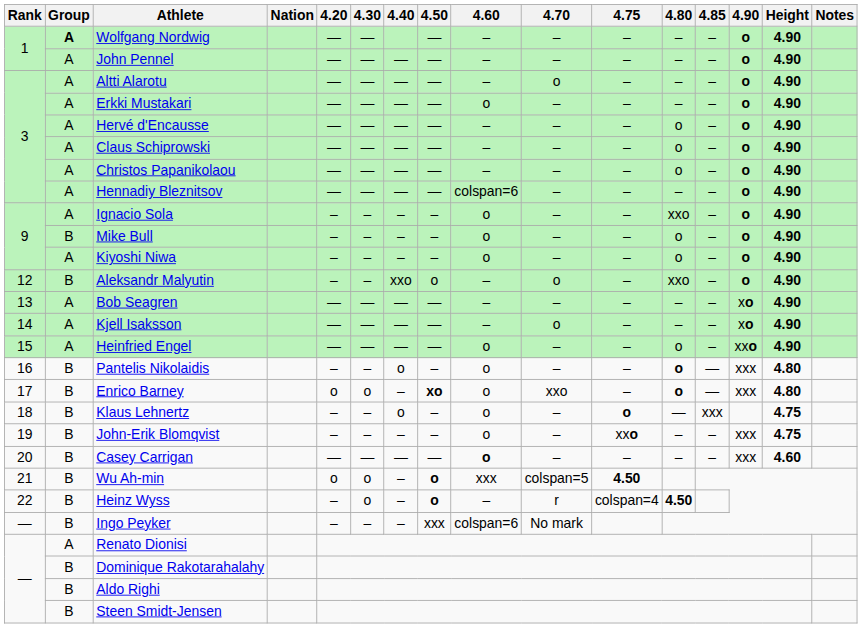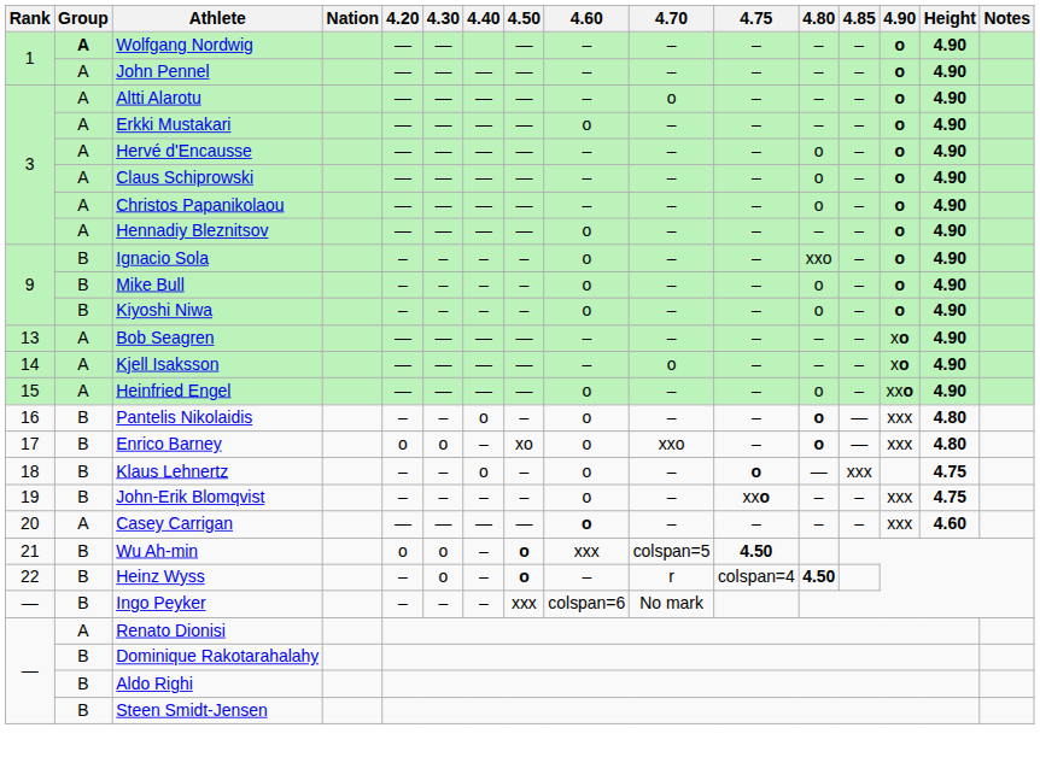 <table class="wikitable sortable" style="text-align:center;">
 <tr>
 <th>Rank</th>
 <th>Group</th>
 <th>Athlete</th>
 <th>Nation</th>
 <th>4.20</th>
 <th>4.30</th>
 <th>4.40</th>
 <th>4.50</th>
 <th>4.60</th>
 <th>4.70</th>
 <th>4.75</th>
 <th>4.80</th>
 <th>4.85</th>
 <th>4.90</th>
 <th>Height</th>
 <th>Notes</th>
 </tr>
 <tr bgcolor=bbf3bb>
 <td rowspan=2>1</td>
 <td><strong>A</strong></td>
 <td align=left><a href='#'>Wolfgang Nordwig</a></td>
 <td align=left></td>
 <td>—</td>
 <td>—</td>
 <td></td>
 <td>—</td>
 <td>–</td>
 <td>–</td>
 <td>–</td>
 <td>–</td>
 <td>–</td>
 <td><strong>o</strong></td>
 <td><strong>4.90</strong></td>
 <td></td>
 </tr>
 <tr bgcolor=bbf3bb>
 <td>A</td>
 <td align=left><a href='#'>John Pennel</a></td>
 <td align=left></td>
 <td>—</td>
 <td>—</td>
 <td>—</td>
 <td>—</td>
 <td>–</td>
 <td>–</td>
 <td>–</td>
 <td>–</td>
 <td>–</td>
 <td><strong>o</strong></td>
 <td><strong>4.90</strong></td>
 <td></td>
 </tr>
 <tr bgcolor=bbf3bb>
 <td rowspan=6>3</td>
 <td>A</td>
 <td align=left><a href='#'>Altti Alarotu</a></td>
 <td align=left></td>
 <td>—</td>
 <td>—</td>
 <td>—</td>
 <td>—</td>
 <td>–</td>
 <td>o</td>
 <td>–</td>
 <td>–</td>
 <td>–</td>
 <td><strong>o</strong></td>
 <td><strong>4.90</strong></td>
 <td></td>
 </tr>
 <tr bgcolor=bbf3bb>
 <td>A</td>
 <td align=left><a href='#'>Erkki Mustakari</a></td>
 <td align=left></td>
 <td>—</td>
 <td>—</td>
 <td>—</td>
 <td>—</td>
 <td>o</td>
 <td>–</td>
 <td>–</td>
 <td>–</td>
 <td>–</td>
 <td><strong>o</strong></td>
 <td><strong>4.90</strong></td>
 <td></td>
 </tr>
 <tr bgcolor=bbf3bb>
 <td>A</td>
 <td align=left><a href='#'>Hervé d'Encausse</a></td>
 <td align=left></td>
 <td>—</td>
 <td>—</td>
 <td>—</td>
 <td>—</td>
 <td>–</td>
 <td>–</td>
 <td>–</td>
 <td>o</td>
 <td>–</td>
 <td><strong>o</strong></td>
 <td><strong>4.90</strong></td>
 <td></td>
 </tr>
 <tr bgcolor=bbf3bb>
 <td>A</td>
 <td align=left><a href='#'>Claus Schiprowski</a></td>
 <td align=left></td>
 <td>—</td>
 <td>—</td>
 <td>—</td>
 <td>—</td>
 <td>–</td>
 <td>–</td>
 <td>–</td>
 <td>o</td>
 <td>–</td>
 <td><strong>o</strong></td>
 <td><strong>4.90</strong></td>
 <td></td>
 </tr>
 <tr bgcolor=bbf3bb>
 <td>A</td>
 <td align=left><a href='#'>Christos Papanikolaou</a></td>
 <td align=left></td>
 <td>—</td>
 <td>—</td>
 <td>—</td>
 <td>—</td>
 <td>–</td>
 <td>–</td>
 <td>–</td>
 <td>o</td>
 <td>–</td>
 <td><strong>o</strong></td>
 <td><strong>4.90</strong></td>
 <td></td>
 </tr>
 <tr bgcolor=bbf3bb>
 <td>A</td>
 <td align=left><a href='#'>Hennadiy Bleznitsov</a></td>
 <td align=left></td>
 <td>—</td>
 <td>—</td>
 <td>—</td>
 <td>—</td>
-<td>colspan=6 </td>
+<td>o</td>
 <td>–</td>
 <td>–</td>
 <td>–</td>
 <td>–</td>
 <td><strong>o</strong></td>
 <td><strong>4.90</strong></td>
 <td></td>
 </tr>
 <tr bgcolor=bbf3bb>
 <td rowspan=3>9</td>
-<td>A</td>
+<td>B</td>
 <td align=left><a href='#'>Ignacio Sola</a></td>
 <td align=left></td>
 <td>–</td>
 <td>–</td>
 <td>–</td>
 <td>–</td>
 <td>o</td>
 <td>–</td>
 <td>–</td>
 <td>xxo</td>
 <td>–</td>
 <td><strong>o</strong></td>
 <td><strong>4.90</strong></td>
 <td></td>
 </tr>
 <tr bgcolor=bbf3bb>
 <td>B</td>
 <td align=left><a href='#'>Mike Bull</a></td>
 <td align=left></td>
 <td>–</td>
 <td>–</td>
 <td>–</td>
 <td>–</td>
 <td>o</td>
 <td>–</td>
 <td>–</td>
 <td>o</td>
 <td>–</td>
 <td><strong>o</strong></td>
 <td><strong>4.90</strong></td>
 <td></td>
 </tr>
 <tr bgcolor=bbf3bb>
-<td>A</td>
+<td>B</td>
 <td align=left><a href='#'>Kiyoshi Niwa</a></td>
 <td align=left></td>
 <td>–</td>
 <td>–</td>
 <td>–</td>
 <td>–</td>
 <td>o</td>
 <td>–</td>
 <td>–</td>
 <td>o</td>
-<td>–</td>
-<td><strong>o</strong></td>
-<td><strong>4.90</strong></td>
-<td></td>
-</tr>
-<tr bgcolor=bbf3bb>
-<td>12</td>
-<td>B</td>
-<td align=left><a href='#'>Aleksandr Malyutin</a></td>
-<td align=left></td>
-<td>–</td>
-<td>–</td>
-<td>xxo</td>
-<td>o</td>
-<td>–</td>
-<td>o</td>
-<td>–</td>
-<td>xxo</td>
 <td>–</td>
 <td><strong>o</strong></td>
 <td><strong>4.90</strong></td>
 <td></td>
 </tr>
 <tr bgcolor=bbf3bb>
 <td>13</td>
 <td>A</td>
 <td align=left><a href='#'>Bob Seagren</a></td>
 <td align=left></td>
 <td>—</td>
 <td>—</td>
 <td>—</td>
 <td>—</td>
 <td>–</td>
 <td>–</td>
 <td>–</td>
 <td>–</td>
 <td>–</td>
 <td>x<strong>o</strong></td>
 <td><strong>4.90</strong></td>
 <td></td>
 </tr>
 <tr bgcolor=bbf3bb>
 <td>14</td>
 <td>A</td>
 <td align=left><a href='#'>Kjell Isaksson</a></td>
 <td align=left></td>
 <td>—</td>
 <td>—</td>
 <td>—</td>
 <td>—</td>
 <td>–</td>
 <td>o</td>
 <td>–</td>
 <td>–</td>
 <td>–</td>
 <td>x<strong>o</strong></td>
 <td><strong>4.90</strong></td>
 <td></td>
 </tr>
 <tr bgcolor=bbf3bb>
 <td>15</td>
 <td>A</td>
 <td align=left><a href='#'>Heinfried Engel</a></td>
 <td align=left></td>
 <td>—</td>
 <td>—</td>
 <td>—</td>
 <td>—</td>
 <td>o</td>
 <td>–</td>
 <td>–</td>
 <td>o</td>
 <td>–</td>
 <td>xx<strong>o</strong></td>
 <td><strong>4.90</strong></td>
 <td></td>
 </tr>
 <tr>
 <td>16</td>
 <td>B</td>
 <td align=left><a href='#'>Pantelis Nikolaidis</a></td>
 <td align=left></td>
 <td>–</td>
 <td>–</td>
 <td>o</td>
 <td>–</td>
 <td>o</td>
 <td>–</td>
 <td>–</td>
 <td><strong>o</strong></td>
 <td>—</td>
 <td>xxx</td>
 <td><strong>4.80</strong></td>
 <td></td>
 </tr>
 <tr>
 <td>17</td>
 <td>B</td>
 <td align=left><a href='#'>Enrico Barney</a></td>
 <td align=left></td>
 <td>o</td>
 <td>o</td>
 <td>–</td>
-<td><strong>xo</strong></td>
+<td>xo</td>
 <td>o</td>
 <td>xxo</td>
 <td>–</td>
 <td><strong>o</strong></td>
 <td>—</td>
 <td>xxx</td>
 <td><strong>4.80</strong></td>
 <td></td>
 </tr>
 <tr>
 <td>18</td>
 <td>B</td>
 <td align=left><a href='#'>Klaus Lehnertz</a></td>
 <td align=left></td>
 <td>–</td>
 <td>–</td>
 <td>o</td>
 <td>–</td>
 <td>o</td>
 <td>–</td>
 <td><strong>o</strong></td>
 <td>—</td>
 <td>xxx</td>
 <td></td>
 <td><strong>4.75</strong></td>
 <td></td>
 </tr>
 <tr>
 <td>19</td>
 <td>B</td>
 <td align=left><a href='#'>John-Erik Blomqvist</a></td>
 <td align=left></td>
 <td>–</td>
 <td>–</td>
 <td>–</td>
 <td>–</td>
 <td>o</td>
 <td>–</td>
 <td>xx<strong>o</strong></td>
 <td>–</td>
 <td>–</td>
 <td>xxx</td>
 <td><strong>4.75</strong></td>
 <td></td>
 </tr>
 <tr>
 <td>20</td>
-<td>B</td>
+<td>A</td>
 <td align=left><a href='#'>Casey Carrigan</a></td>
 <td align=left></td>
 <td>—</td>
 <td>—</td>
 <td>—</td>
 <td>—</td>
 <td><strong>o</strong></td>
 <td>–</td>
 <td>–</td>
 <td>–</td>
 <td>–</td>
 <td>xxx</td>
 <td><strong>4.60</strong></td>
 <td></td>
 </tr>
 <tr>
 <td>21</td>
 <td>B</td>
 <td align=left><a href='#'>Wu Ah-min</a></td>
 <td align=left></td>
 <td>o</td>
 <td>o</td>
 <td>–</td>
 <td><strong>o</strong></td>
 <td>xxx</td>
 <td>colspan=5 </td>
 <td><strong>4.50</strong></td>
 <td></td>
 </tr>
 <tr>
 <td>22</td>
 <td>B</td>
 <td align=left><a href='#'>Heinz Wyss</a></td>
 <td align=left></td>
 <td>–</td>
 <td>o</td>
 <td>–</td>
 <td><strong>o</strong></td>
 <td>–</td>
 <td>r</td>
 <td>colspan=4 </td>
 <td><strong>4.50</strong></td>
 <td></td>
 </tr>
 <tr>
 <td data-sort-value=23>—</td>
 <td>B</td>
 <td align=left><a href='#'>Ingo Peyker</a></td>
 <td align=left></td>
 <td>–</td>
 <td>–</td>
 <td>–</td>
 <td>xxx</td>
 <td>colspan=6 </td>
 <td>No mark</td>
 <td></td>
 </tr>
 <tr>
 <td rowspan=4 data-sort-value=24>—</td>
 <td>A</td>
 <td align=left><a href='#'>Renato Dionisi</a></td>
 <td align=left></td>
 <td colspan=11 data-sort-value=0.00></td>
 <td></td>
 </tr>
 <tr>
 <td>B</td>
 <td align=left><a href='#'>Dominique Rakotarahalahy</a></td>
 <td align=left></td>
 <td colspan=11 data-sort-value=0.00></td>
 <td></td>
 </tr>
 <tr>
 <td>B</td>
 <td align=left><a href='#'>Aldo Righi</a></td>
 <td align=left></td>
 <td colspan=11 data-sort-value=0.00></td>
 <td></td>
 </tr>
 <tr>
 <td>B</td>
 <td align=left><a href='#'>Steen Smidt-Jensen</a></td>
 <td align=left></td>
 <td colspan=11 data-sort-value=0.00></td>
 <td></td>
 </tr>
 </table>
